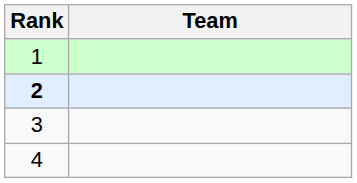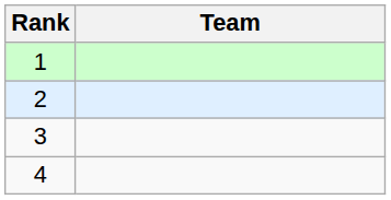 <table class="wikitable" style="text-align: center;">
 <tr>
 <th width=40>Rank</th>
 <th width=200>Team</th>
 </tr>
 <tr bgcolor=#ccffcc>
 <td>1</td>
 <td align=left></td>
 </tr>
 <tr bgcolor=#dfefff>
-<td><strong>2</strong></td>
+<td>2</td>
 <td align=left></td>
 </tr>
 <tr>
 <td>3</td>
 <td align=left></td>
 </tr>
 <tr>
 <td>4</td>
 <td align=left></td>
 </tr>
 </table>
